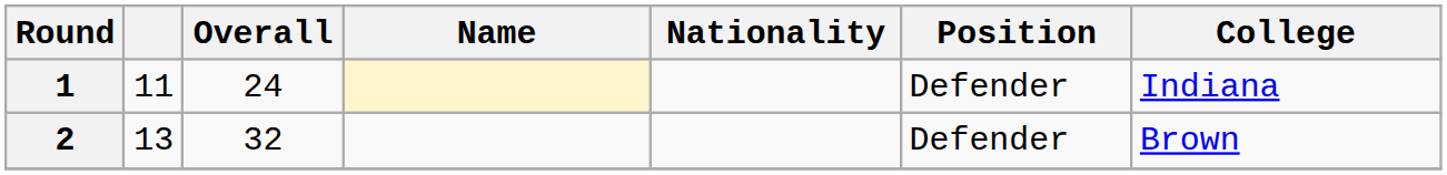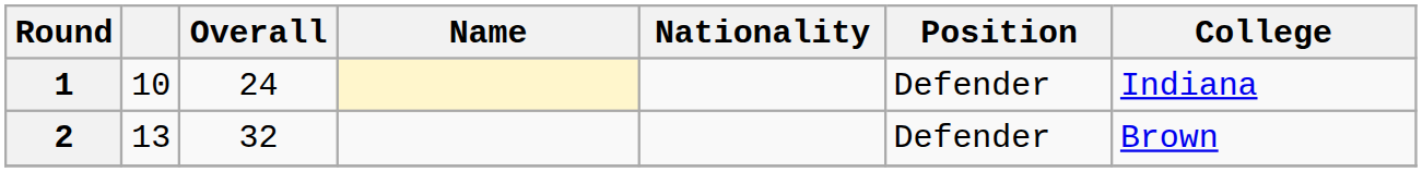 <table class="wikitable sortable" style="width:90%">
 <tr>
 <th scope="col" style="width: 3%;">Round</th>
 <th scope="col" style="width: 3%;"></th>
 <th scope="col" style="width: 4%;">Overall</th>
 <th scope="col" style="width: 20%;">Name</th>
 <th scope="col" style="width: 15%;">Nationality</th>
 <th scope="col" style="width: 15%;">Position</th>
 <th scope="col" style="width: 20%;">College</th>
 </tr>
 <tr>
 <th scope="row">1</th>
-<td align="center">11</td>
+<td align="center">10</td>
 <td align="center">24</td>
 <td style="background-color:#fff6cc;"> </td>
 <td></td>
 <td>Defender</td>
 <td><a href='#'>Indiana</a></td>
 </tr>
 <tr>
 <th scope="row">2</th>
 <td align="center">13</td>
 <td align="center">32</td>
 <td></td>
 <td></td>
 <td>Defender</td>
 <td><a href='#'>Brown</a></td>
 </tr>
 <tr>
 </tr>
 </table>
